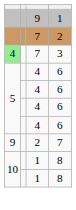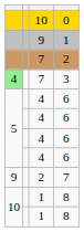 <table class="wikitable" style="text-align: center;">
 <tr>
 <th></th>
 <th></th>
 <th width=25></th>
 <th width=25></th>
+</tr>
+<tr style="background:gold;">
+<td></td>
+<td align=left></td>
+<td>10</td>
+<td>0</td>
 </tr>
 <tr bgcolor=#C0C0C0>
 <td></td>
 <td align=left></td>
 <td>9</td>
 <td>1</td>
 </tr>
 <tr bgcolor=#CC9965>
 <td></td>
 <td align=left></td>
 <td>7</td>
 <td>2</td>
 </tr>
 <tr>
 <td style="background: lightgreen;">4</td>
 <td align=left></td>
 <td>7</td>
 <td>3</td>
 </tr>
 <tr>
 <td rowspan="4">5</td>
 <td align=left></td>
 <td>4</td>
 <td>6</td>
 </tr>
 <tr>
 <td align=left></td>
 <td>4</td>
 <td>6</td>
 </tr>
 <tr>
 <td align=left></td>
 <td>4</td>
 <td>6</td>
 </tr>
 <tr>
 <td align=left></td>
 <td>4</td>
 <td>6</td>
 </tr>
 <tr>
 <td>9</td>
 <td align=left></td>
 <td>2</td>
 <td>7</td>
 </tr>
 <tr>
 <td rowspan="2">10</td>
 <td align=left></td>
 <td>1</td>
 <td>8</td>
 </tr>
 <tr>
 <td align=left></td>
 <td>1</td>
 <td>8</td>
 </tr>
 </table>
